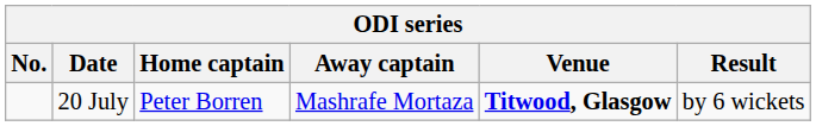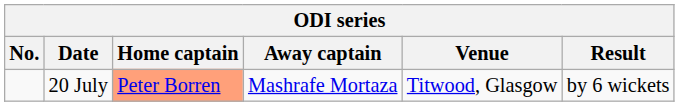 <table class="wikitable">
 <tr>
 <th colspan="9">ODI series</th>
 </tr>
 <tr>
 <th>No.</th>
 <th>Date</th>
 <th>Home captain</th>
 <th>Away captain</th>
 <th>Venue</th>
 <th>Result</th>
 </tr>
 <tr>
 <td></td>
 <td>20 July</td>
-<td><a href='#'>Peter Borren</a></td>
+<td style="background: lightsalmon;"><a href='#'>Peter Borren</a></td>
 <td><a href='#'>Mashrafe Mortaza</a></td>
-<td><strong><a href='#'>Titwood</a>, Glasgow</strong></td>
+<td><a href='#'>Titwood</a>, Glasgow</td>
 <td> by 6 wickets</td>
 </tr>
 </table>
